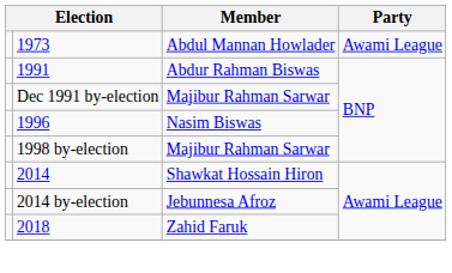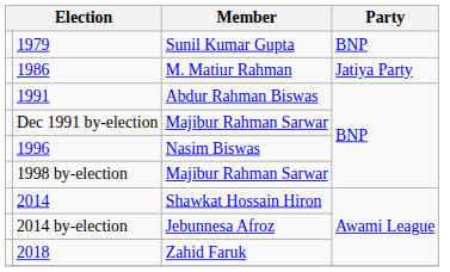 <table class="wikitable">
 <tr>
 <th colspan="2">Election</th>
 <th>Member</th>
 <th>Party</th>
 </tr>
 <tr>
 <td style="background-color:"></td>
-<td><a href='#'>1973</a></td>
-<td><a href='#'>Abdul Mannan Howlader</a></td>
-<td><a href='#'>Awami League</a></td>
+<td><a href='#'>1979</a></td>
+<td><a href='#'>Sunil Kumar Gupta</a></td>
+<td><a href='#'>BNP</a></td>
+</tr>
+<tr>
+<td style="background-color:"></td>
+<td><a href='#'>1986</a></td>
+<td><a href='#'>M. Matiur Rahman</a></td>
+<td><a href='#'>Jatiya Party</a></td>
 </tr>
 <tr>
 <td style="background-color:"></td>
 <td><a href='#'>1991</a></td>
 <td><a href='#'>Abdur Rahman Biswas</a></td>
 <td rowspan="4"><a href='#'>BNP</a></td>
 </tr>
 <tr>
 <td style="background-color:"></td>
 <td>Dec 1991 by-election</td>
 <td><a href='#'>Majibur Rahman Sarwar</a></td>
 </tr>
 <tr>
 <td style="background-color:"></td>
 <td><a href='#'>1996</a></td>
 <td><a href='#'>Nasim Biswas</a></td>
 </tr>
 <tr>
 <td style="background-color:"></td>
 <td>1998 by-election</td>
 <td><a href='#'>Majibur Rahman Sarwar</a></td>
 </tr>
 <tr>
 <td style="background-color:"></td>
 <td><a href='#'>2014</a></td>
 <td><a href='#'>Shawkat Hossain Hiron</a></td>
 <td rowspan="3"><a href='#'>Awami League</a></td>
 </tr>
 <tr>
 <td style="background-color:"></td>
 <td>2014 by-election</td>
 <td><a href='#'>Jebunnesa Afroz</a></td>
 </tr>
 <tr>
 <td style="background-color:"></td>
 <td><a href='#'>2018</a></td>
 <td><a href='#'>Zahid Faruk</a></td>
 </tr>
 <tr>
 </tr>
 </table>
